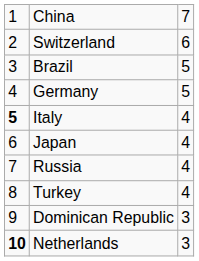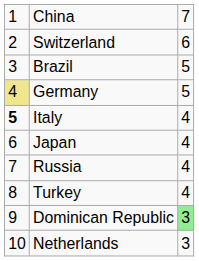 <table class="wikitable">
 <tr>
 <td>1</td>
 <td>China</td>
 <td>7</td>
 </tr>
 <tr>
 <td>2</td>
 <td>Switzerland</td>
 <td>6</td>
 </tr>
 <tr>
 <td>3</td>
 <td>Brazil</td>
 <td>5</td>
 </tr>
 <tr>
-<td>4</td>
+<td style="background: khaki;">4</td>
 <td>Germany</td>
 <td>5</td>
 </tr>
 <tr>
 <td><strong>5</strong></td>
 <td>Italy</td>
 <td>4</td>
 </tr>
 <tr>
 <td>6</td>
 <td>Japan</td>
 <td>4</td>
 </tr>
 <tr>
 <td>7</td>
 <td>Russia</td>
 <td>4</td>
 </tr>
 <tr>
 <td>8</td>
 <td>Turkey</td>
 <td>4</td>
 </tr>
 <tr>
 <td>9</td>
 <td>Dominican Republic</td>
-<td>3</td>
+<td style="background: lightgreen;">3</td>
 </tr>
 <tr>
-<td><strong>10</strong></td>
+<td>10</td>
 <td>Netherlands</td>
 <td>3</td>
 </tr>
 </table>
